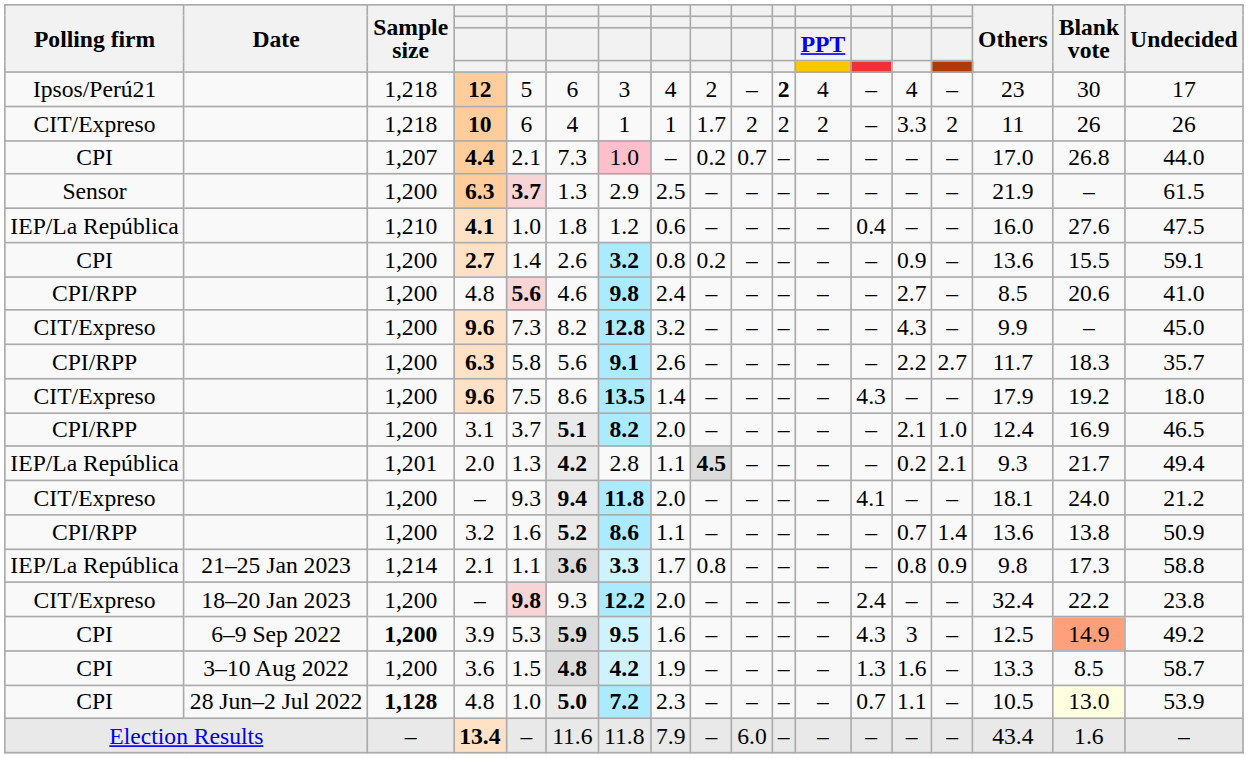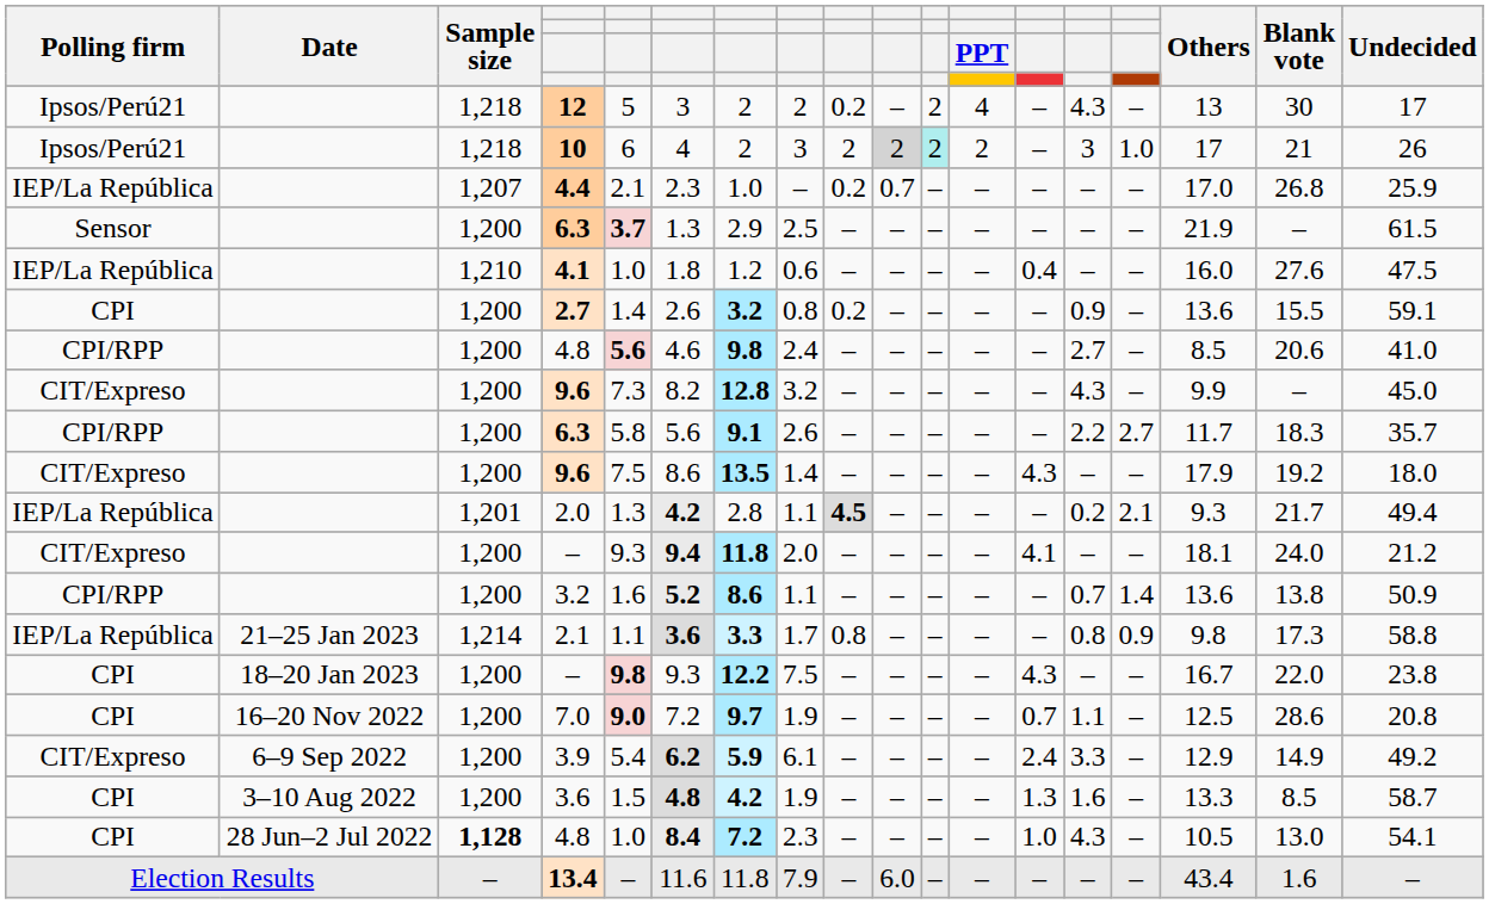 <table class="wikitable sortable" style="text-align:center;font-size:90%;line-height:14px;">
 <tr>
 <th rowspan="4">Polling firm</th>
 <th rowspan="4">Date</th>
 <th rowspan="4">Sample<br>size</th>
 <th></th>
 <th></th>
 <th></th>
 <th></th>
 <th></th>
 <th></th>
 <th></th>
 <th></th>
 <th></th>
 <th></th>
 <th></th>
 <th></th>
 <th class="unsortable" rowspan="4">Others</th>
 <th class="unsortable" rowspan="4">Blank<br>vote</th>
 <th class="unsortable" rowspan="4">Undecided</th>
 </tr>
 <tr>
 <th></th>
 <th></th>
 <th></th>
 <th></th>
 <th></th>
 <th></th>
 <th></th>
 <th></th>
 <th></th>
 <th></th>
 <th></th>
 <th></th>
 </tr>
 <tr>
 <th></th>
 <th></th>
 <th></th>
 <th></th>
 <th></th>
 <th></th>
 <th></th>
 <th></th>
 <th><a href='#'>PPT</a></th>
 <th></th>
 <th></th>
 <th></th>
 </tr>
 <tr>
 <th style="color:inherit;background:"></th>
 <th style="color:inherit;background:"></th>
 <th style="color:inherit;background:"></th>
 <th style="color:inherit;background:"></th>
 <th style="color:inherit;background:"></th>
 <th style="color:inherit;background:"></th>
 <th style="color:inherit;background:"></th>
 <th style="color:inherit;background:"></th>
 <th style="color:inherit;background:#FFC700;"></th>
 <th style="color:inherit;background:#EC3237;"></th>
 <th style="color:inherit;background:"></th>
 <th style="color:inherit;background:#AF3A05;”"></th>
 </tr>
 <tr>
 <td>Ipsos/Perú21</td>
 <td></td>
 <td>1,218</td>
 <td style="background:#FFCD9C"><strong>12</strong></td>
 <td>5</td>
-<td>6</td>
 <td>3</td>
-<td>4</td>
 <td>2</td>
+<td>2</td>
+<td>0.2</td>
 <td>–</td>
-<td><strong>2</strong></td>
+<td>2</td>
 <td>4</td>
 <td>–</td>
-<td>4</td>
+<td>4.3</td>
 <td>–</td>
-<td>23</td>
+<td>13</td>
 <td>30</td>
 <td>17</td>
 </tr>
 <tr>
-<td>CIT/Expreso</td>
+<td>Ipsos/Perú21</td>
 <td></td>
 <td>1,218</td>
 <td style="background:#FFCD9C"><strong>10</strong></td>
 <td>6</td>
 <td>4</td>
-<td>1</td>
-<td>1</td>
-<td>1.7</td>
 <td>2</td>
+<td>3</td>
 <td>2</td>
+<td style="background: lightgrey;">2</td>
+<td style="background: paleturquoise;">2</td>
 <td>2</td>
 <td>–</td>
-<td>3.3</td>
-<td>2</td>
-<td>11</td>
-<td>26</td>
+<td>3</td>
+<td>1.0</td>
+<td>17</td>
+<td>21</td>
 <td>26</td>
 </tr>
 <tr>
-<td>CPI</td>
+<td>IEP/La República</td>
 <td></td>
 <td>1,207</td>
 <td style="background:#FFCD9C"><strong>4.4</strong></td>
 <td>2.1</td>
-<td>7.3</td>
-<td style="background: pink;">1.0</td>
+<td>2.3</td>
+<td>1.0</td>
 <td>–</td>
 <td>0.2</td>
 <td>0.7</td>
 <td>–</td>
 <td>–</td>
 <td>–</td>
 <td>–</td>
 <td>–</td>
 <td>17.0</td>
 <td>26.8</td>
-<td>44.0</td>
+<td>25.9</td>
 </tr>
 <tr>
 <td>Sensor</td>
 <td></td>
 <td>1,200</td>
 <td style="background:#FFCD9C"><strong>6.3</strong></td>
 <td style="background:#F7D4D5"><strong>3.7</strong></td>
 <td>1.3</td>
 <td>2.9</td>
 <td>2.5</td>
 <td>–</td>
 <td>–</td>
 <td>–</td>
 <td>–</td>
 <td>–</td>
 <td>–</td>
 <td>–</td>
 <td>21.9</td>
 <td>–</td>
 <td>61.5</td>
 </tr>
 <tr>
 <td>IEP/La República</td>
 <td></td>
 <td>1,210</td>
 <td style="background:#FFE2C6"><strong>4.1</strong></td>
 <td>1.0</td>
 <td>1.8</td>
 <td>1.2</td>
 <td>0.6</td>
 <td>–</td>
 <td>–</td>
 <td>–</td>
 <td>–</td>
 <td>0.4</td>
 <td>–</td>
 <td>–</td>
 <td>16.0</td>
 <td>27.6</td>
 <td>47.5</td>
 </tr>
 <tr>
 <td>CPI</td>
 <td></td>
 <td>1,200</td>
 <td style="background:#FFE2C6"><strong>2.7</strong></td>
 <td>1.4</td>
 <td>2.6</td>
 <td style="background:#ACEBFF"><strong>3.2</strong></td>
 <td>0.8</td>
 <td>0.2</td>
 <td>–</td>
 <td>–</td>
 <td>–</td>
 <td>–</td>
 <td>0.9</td>
 <td>–</td>
 <td>13.6</td>
 <td>15.5</td>
 <td>59.1</td>
 </tr>
 <tr>
 <td>CPI/RPP</td>
 <td></td>
 <td>1,200</td>
 <td>4.8</td>
 <td style="background:#F7D4D5"><strong>5.6</strong></td>
 <td>4.6</td>
 <td style="background:#ACEBFF"><strong>9.8</strong></td>
 <td>2.4</td>
 <td>–</td>
 <td>–</td>
 <td>–</td>
 <td>–</td>
 <td>–</td>
 <td>2.7</td>
 <td>–</td>
 <td>8.5</td>
 <td>20.6</td>
 <td>41.0</td>
 </tr>
 <tr>
 <td>CIT/Expreso</td>
 <td></td>
 <td>1,200</td>
 <td style="background:#FFE2C6"><strong>9.6</strong></td>
 <td>7.3</td>
 <td>8.2</td>
 <td style="background:#ACEBFF"><strong>12.8</strong></td>
 <td>3.2</td>
 <td>–</td>
 <td>–</td>
 <td>–</td>
 <td>–</td>
 <td>–</td>
 <td>4.3</td>
 <td>–</td>
 <td>9.9</td>
 <td>–</td>
 <td>45.0</td>
 </tr>
 <tr>
 <td>CPI/RPP</td>
 <td></td>
 <td>1,200</td>
 <td style="background:#FFE2C6"><strong>6.3</strong></td>
 <td>5.8</td>
 <td>5.6</td>
 <td style="background:#ACEBFF"><strong>9.1</strong></td>
 <td>2.6</td>
 <td>–</td>
 <td>–</td>
 <td>–</td>
 <td>–</td>
 <td>–</td>
 <td>2.2</td>
 <td>2.7</td>
 <td>11.7</td>
 <td>18.3</td>
 <td>35.7</td>
 </tr>
 <tr>
 <td>CIT/Expreso</td>
 <td></td>
 <td>1,200</td>
 <td style="background:#FFE2C6"><strong>9.6</strong></td>
 <td>7.5</td>
 <td>8.6</td>
 <td style="background:#ACEBFF"><strong>13.5</strong></td>
 <td>1.4</td>
 <td>–</td>
 <td>–</td>
 <td>–</td>
 <td>–</td>
 <td>4.3</td>
 <td>–</td>
 <td>–</td>
 <td>17.9</td>
 <td>19.2</td>
 <td>18.0</td>
 </tr>
 <tr>
-<td>CPI/RPP</td>
-<td></td>
-<td>1,200</td>
-<td>3.1</td>
-<td>3.7</td>
-<td style="background:#EAEAEA"><strong>5.1</strong></td>
-<td style="background:#ACEBFF"><strong>8.2</strong></td>
-<td>2.0</td>
-<td>–</td>
-<td>–</td>
-<td>–</td>
-<td>–</td>
-<td>–</td>
-<td>2.1</td>
-<td>1.0</td>
-<td>12.4</td>
-<td>16.9</td>
-<td>46.5</td>
-</tr>
-<tr>
 <td>IEP/La República</td>
 <td></td>
 <td>1,201</td>
 <td>2.0</td>
 <td>1.3</td>
 <td style="background:#EAEAEA"><strong>4.2</strong></td>
 <td>2.8</td>
 <td>1.1</td>
 <td style="background:#DCDCDC"><strong>4.5</strong></td>
 <td>–</td>
 <td>–</td>
 <td>–</td>
 <td>–</td>
 <td>0.2</td>
 <td>2.1</td>
 <td>9.3</td>
 <td>21.7</td>
 <td>49.4</td>
 </tr>
 <tr>
 <td>CIT/Expreso</td>
 <td></td>
 <td>1,200</td>
 <td>–</td>
 <td>9.3</td>
 <td style="background:#EAEAEA"><strong>9.4</strong></td>
 <td style="background:#ACEBFF"><strong>11.8</strong></td>
 <td>2.0</td>
 <td>–</td>
 <td>–</td>
 <td>–</td>
 <td>–</td>
 <td>4.1</td>
 <td>–</td>
 <td>–</td>
 <td>18.1</td>
 <td>24.0</td>
 <td>21.2</td>
 </tr>
 <tr>
 <td>CPI/RPP</td>
 <td></td>
 <td>1,200</td>
 <td>3.2</td>
 <td>1.6</td>
 <td style="background:#EAEAEA"><strong>5.2</strong></td>
 <td style="background:#ACEBFF"><strong>8.6</strong></td>
 <td>1.1</td>
 <td>–</td>
 <td>–</td>
 <td>–</td>
 <td>–</td>
 <td>–</td>
 <td>0.7</td>
 <td>1.4</td>
 <td>13.6</td>
 <td>13.8</td>
 <td>50.9</td>
 </tr>
 <tr>
 <td>IEP/La República</td>
 <td>21–25 Jan 2023</td>
 <td>1,214</td>
 <td>2.1</td>
 <td>1.1</td>
 <td style="background:#DCDCDC"><strong>3.6</strong></td>
 <td style="background:#CEF3FF"><strong>3.3</strong></td>
 <td>1.7</td>
 <td>0.8</td>
 <td>–</td>
 <td>–</td>
 <td>–</td>
 <td>–</td>
 <td>0.8</td>
 <td>0.9</td>
 <td>9.8</td>
 <td>17.3</td>
 <td>58.8</td>
 </tr>
 <tr>
-<td>CIT/Expreso</td>
+<td>CPI</td>
 <td>18–20 Jan 2023</td>
 <td>1,200</td>
 <td>–</td>
 <td style="background:#F7D4D5"><strong>9.8</strong></td>
 <td>9.3</td>
 <td style="background:#ACEBFF"><strong>12.2</strong></td>
-<td>2.0</td>
+<td>7.5</td>
+<td>–</td>
+<td>–</td>
+<td>–</td>
+<td>–</td>
+<td>4.3</td>
+<td>–</td>
+<td>–</td>
+<td>16.7</td>
+<td>22.0</td>
+<td>23.8</td>
+</tr>
+<tr>
+<td>CPI</td>
+<td>16–20 Nov 2022</td>
+<td>1,200</td>
+<td>7.0</td>
+<td style="background:#F7D4D5"><strong>9.0</strong></td>
+<td>7.2</td>
+<td style="background:#ACEBFF"><strong>9.7</strong></td>
+<td>1.9</td>
+<td>–</td>
+<td>–</td>
+<td>–</td>
+<td>–</td>
+<td>0.7</td>
+<td>1.1</td>
+<td>–</td>
+<td>12.5</td>
+<td>28.6</td>
+<td>20.8</td>
+</tr>
+<tr>
+<td>CIT/Expreso</td>
+<td>6–9 Sep 2022</td>
+<td>1,200</td>
+<td>3.9</td>
+<td>5.4</td>
+<td style="background:#DCDCDC"><strong>6.2</strong></td>
+<td style="background:#CEF3FF"><strong>5.9</strong></td>
+<td>6.1</td>
 <td>–</td>
 <td>–</td>
 <td>–</td>
 <td>–</td>
 <td>2.4</td>
+<td>3.3</td>
 <td>–</td>
-<td>–</td>
-<td>32.4</td>
-<td>22.2</td>
-<td>23.8</td>
-</tr>
-<tr>
-<td>CPI</td>
-<td>6–9 Sep 2022</td>
-<td><strong>1,200</strong></td>
-<td>3.9</td>
-<td>5.3</td>
-<td style="background:#DCDCDC"><strong>5.9</strong></td>
-<td style="background:#CEF3FF"><strong>9.5</strong></td>
-<td>1.6</td>
-<td>–</td>
-<td>–</td>
-<td>–</td>
-<td>–</td>
-<td>4.3</td>
-<td>3</td>
-<td>–</td>
-<td>12.5</td>
-<td style="background: lightsalmon;">14.9</td>
+<td>12.9</td>
+<td>14.9</td>
 <td>49.2</td>
 </tr>
 <tr>
 <td>CPI</td>
 <td>3–10 Aug 2022</td>
 <td>1,200</td>
 <td>3.6</td>
 <td>1.5</td>
 <td style="background:#DCDCDC"><strong>4.8</strong></td>
 <td style="background:#CEF3FF"><strong>4.2</strong></td>
 <td>1.9</td>
 <td>–</td>
 <td>–</td>
 <td>–</td>
 <td>–</td>
 <td>1.3</td>
 <td>1.6</td>
 <td>–</td>
 <td>13.3</td>
 <td>8.5</td>
 <td>58.7</td>
 </tr>
 <tr>
 <td>CPI</td>
 <td>28 Jun–2 Jul 2022</td>
 <td><strong>1,128</strong></td>
 <td>4.8</td>
 <td>1.0</td>
-<td style="background:#EAEAEA"><strong>5.0</strong></td>
+<td style="background:#EAEAEA"><strong>8.4</strong></td>
 <td style="background:#ACEBFF"><strong>7.2</strong></td>
 <td>2.3</td>
 <td>–</td>
 <td>–</td>
 <td>–</td>
 <td>–</td>
-<td>0.7</td>
-<td>1.1</td>
+<td>1.0</td>
+<td>4.3</td>
 <td>–</td>
 <td>10.5</td>
-<td style="background: lightyellow;">13.0</td>
-<td>53.9</td>
+<td>13.0</td>
+<td>54.1</td>
 </tr>
 <tr style="background:#E9E9E9;">
 <td colspan="2"><a href='#'>Election Results</a></td>
 <td>–</td>
 <td style="background:#FFE2C6"><strong>13.4</strong></td>
 <td>–</td>
 <td>11.6</td>
 <td>11.8</td>
 <td>7.9</td>
 <td>–</td>
 <td>6.0</td>
 <td>–</td>
 <td>–</td>
 <td>–</td>
 <td>–</td>
 <td>–</td>
 <td>43.4</td>
 <td>1.6</td>
 <td>–</td>
 </tr>
 </table>
